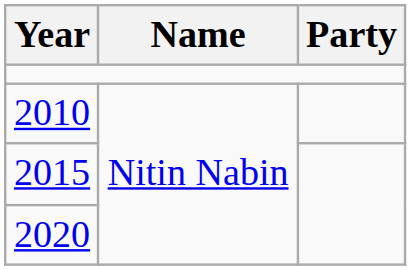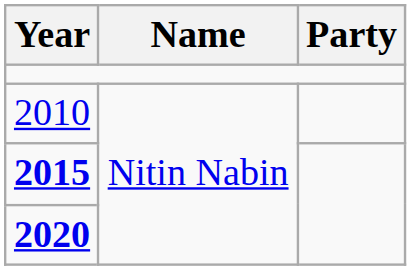 <table class="wikitable sortable">
 <tr>
 <th>Year</th>
 <th>Name</th>
 <th colspan="2">Party</th>
 </tr>
 <tr>
 <td colspan="4"></td>
 </tr>
 <tr>
 <td><a href='#'>2010</a></td>
 <td rowspan="3"><a href='#'>Nitin Nabin</a></td>
 <td></td>
 </tr>
 <tr>
-<td><a href='#'>2015</a></td>
+<td><strong><a href='#'>2015</a></strong></td>
 </tr>
 <tr>
-<td><a href='#'>2020</a></td>
+<td><strong><a href='#'>2020</a></strong></td>
 </tr>
 </table>
